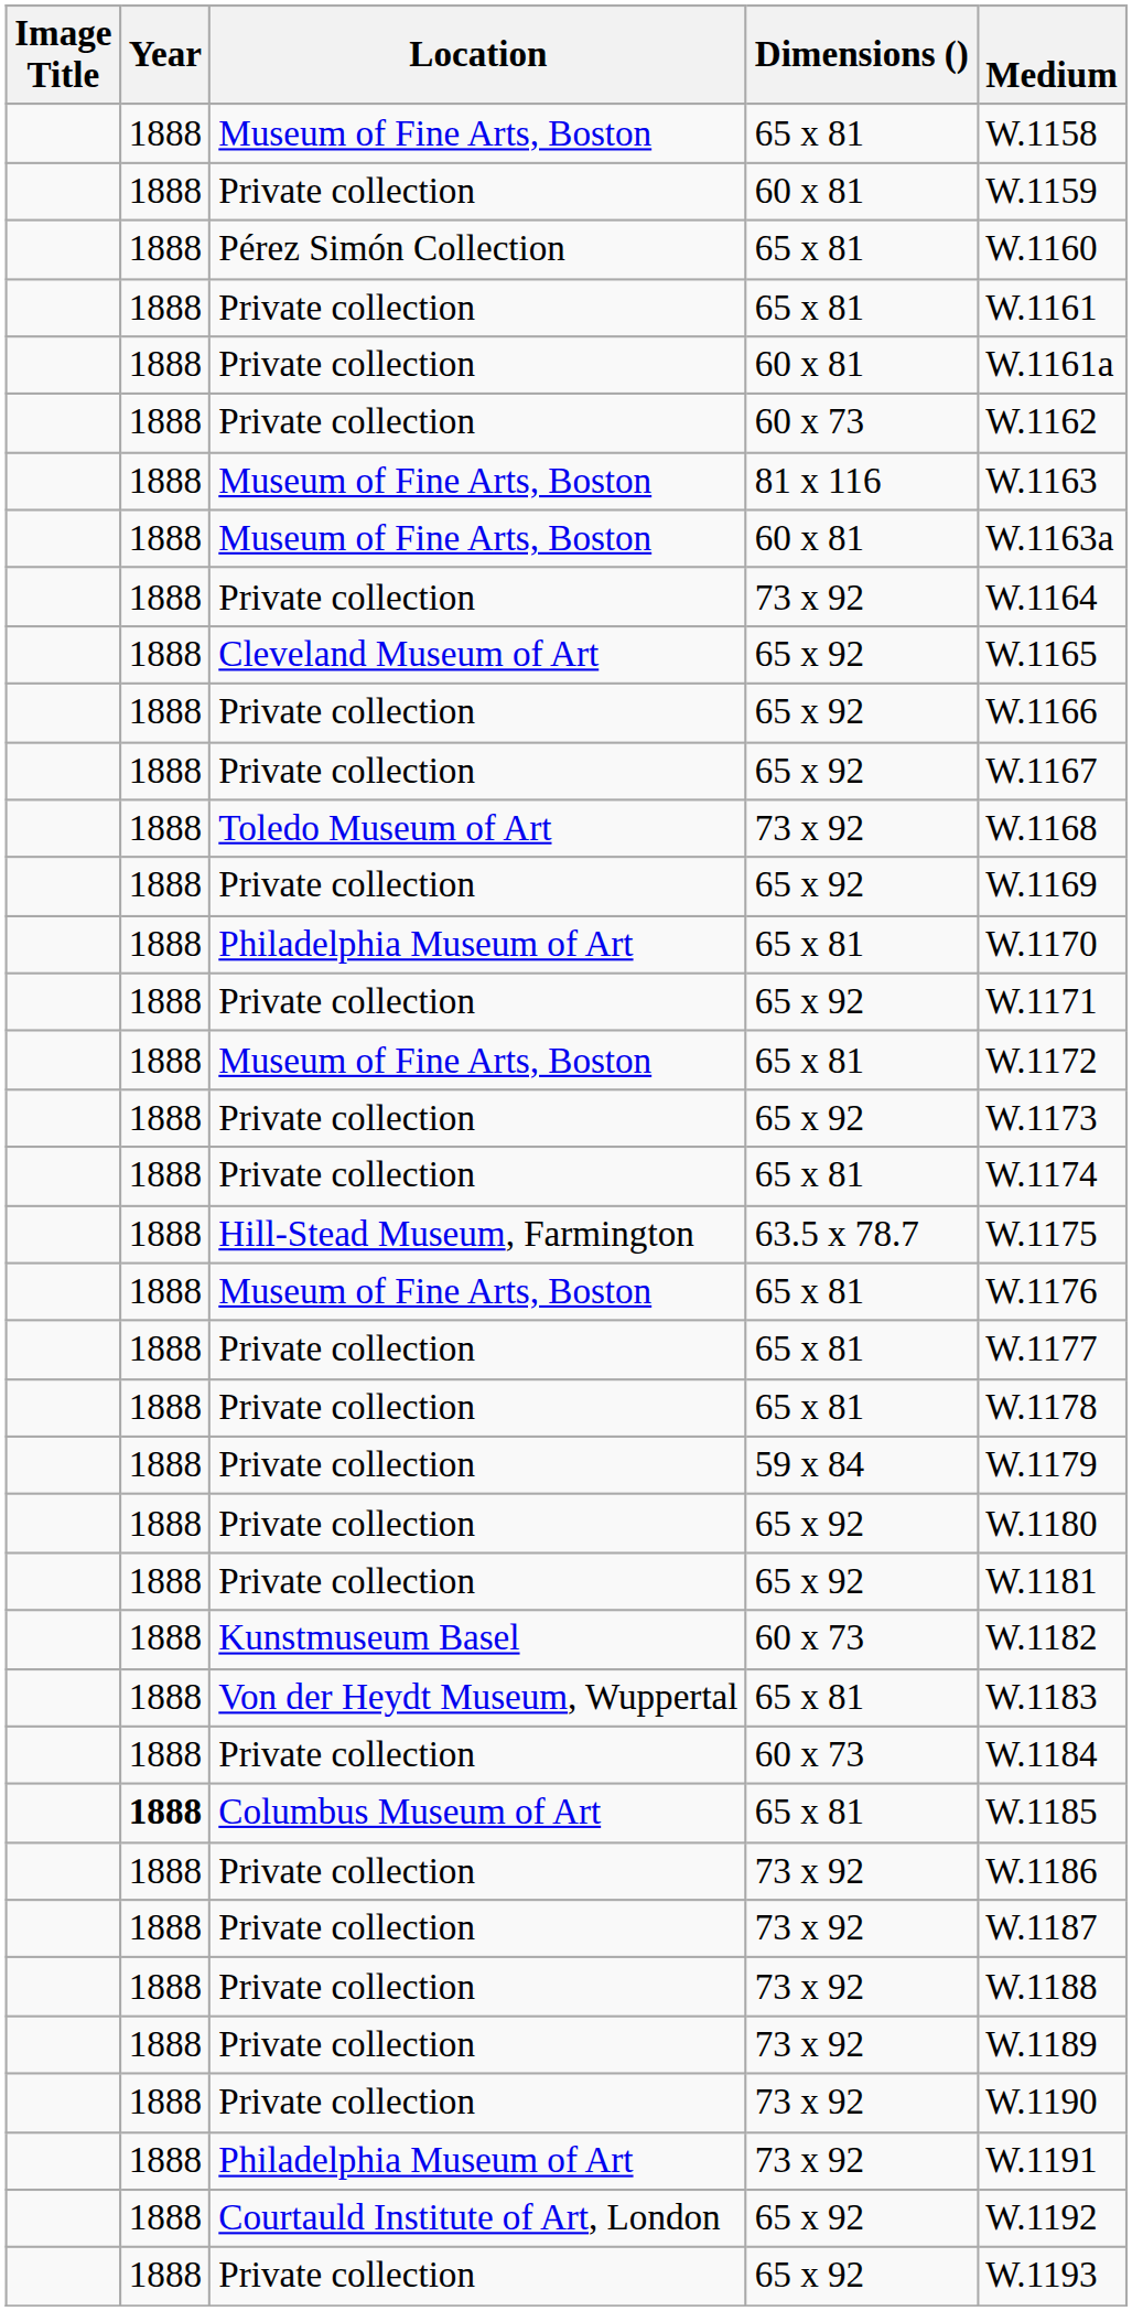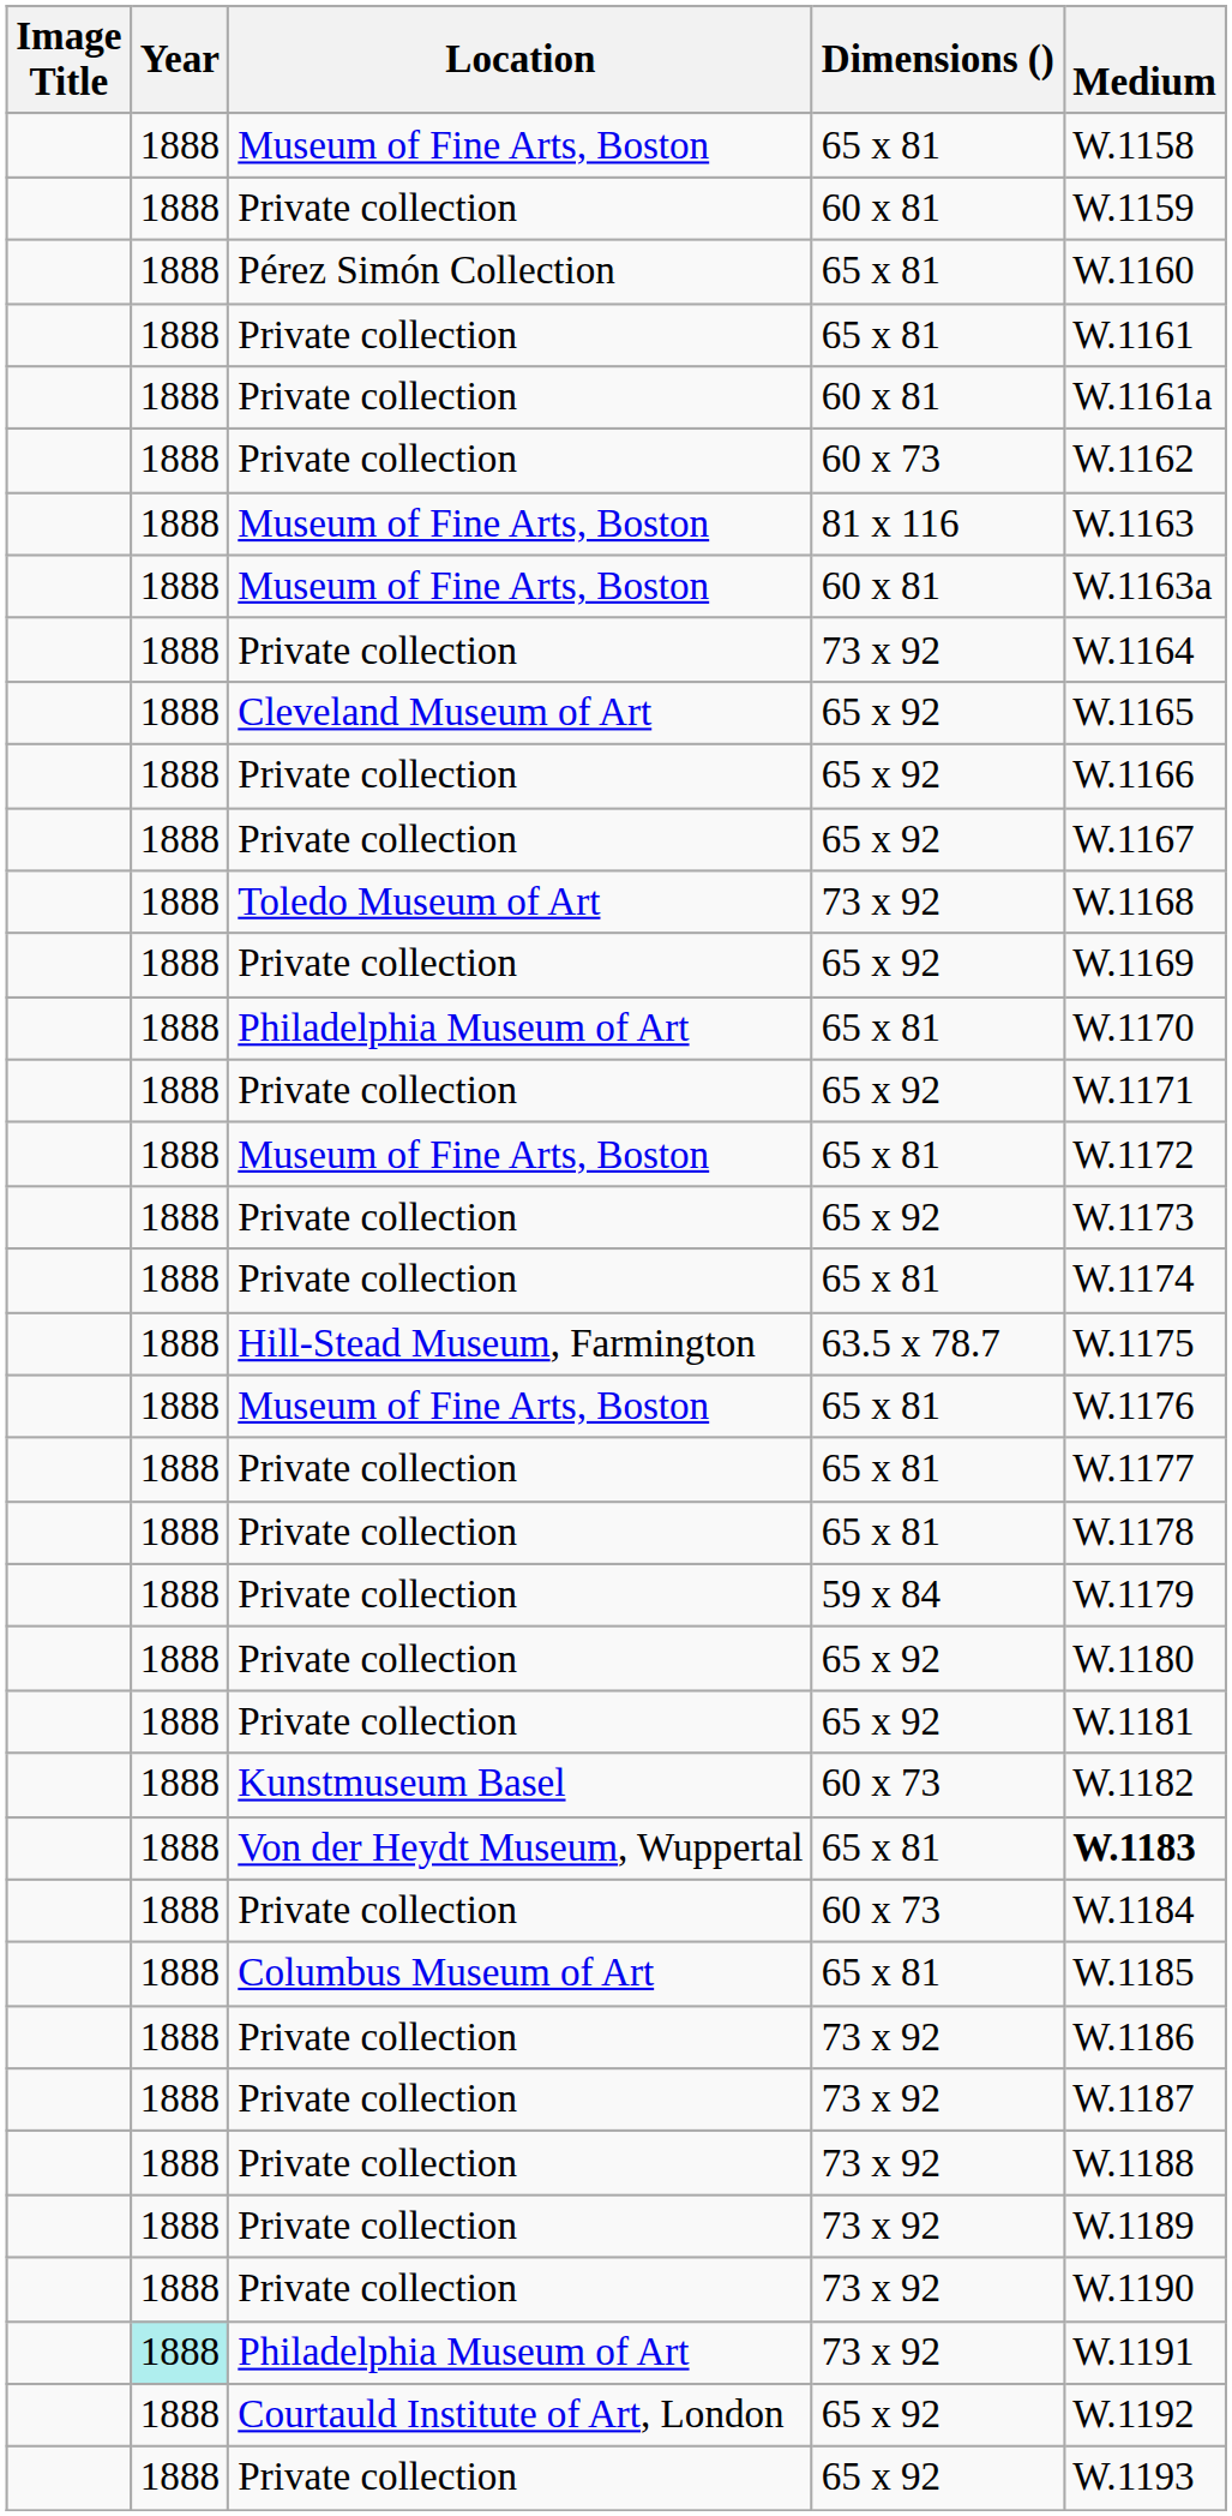 <table class="sortable wikitable" style="margin-left:0.5em; text-align:left">
 <tr>
 <th>Image<br>Title</th>
 <th>Year</th>
 <th>Location</th>
 <th>Dimensions ()</th>
 <th><br>Medium</th>
 </tr>
 <tr>
 <td></td>
 <td>1888</td>
 <td><a href='#'>Museum of Fine Arts, Boston</a></td>
 <td>65 x 81</td>
 <td>W.1158</td>
 </tr>
 <tr>
 <td></td>
 <td>1888</td>
 <td>Private collection</td>
 <td>60 x 81</td>
 <td>W.1159</td>
 </tr>
 <tr>
 <td></td>
 <td>1888</td>
 <td>Pérez Simón Collection</td>
 <td>65 x 81</td>
 <td>W.1160</td>
 </tr>
 <tr>
 <td></td>
 <td>1888</td>
 <td>Private collection</td>
 <td>65 x 81</td>
 <td>W.1161</td>
 </tr>
 <tr>
 <td></td>
 <td>1888</td>
 <td>Private collection</td>
 <td>60 x 81</td>
 <td>W.1161a</td>
 </tr>
 <tr>
 <td></td>
 <td>1888</td>
 <td>Private collection</td>
 <td>60 x 73</td>
 <td>W.1162</td>
 </tr>
 <tr>
 <td></td>
 <td>1888</td>
 <td><a href='#'>Museum of Fine Arts, Boston</a></td>
 <td>81 x 116</td>
 <td>W.1163</td>
 </tr>
 <tr>
 <td></td>
 <td>1888</td>
 <td><a href='#'>Museum of Fine Arts, Boston</a></td>
 <td>60 x 81</td>
 <td>W.1163a</td>
 </tr>
 <tr>
 <td></td>
 <td>1888</td>
 <td>Private collection</td>
 <td>73 x 92</td>
 <td>W.1164</td>
 </tr>
 <tr>
 <td></td>
 <td>1888</td>
 <td><a href='#'>Cleveland Museum of Art</a></td>
 <td>65 x 92</td>
 <td>W.1165</td>
 </tr>
 <tr>
 <td></td>
 <td>1888</td>
 <td>Private collection</td>
 <td>65 x 92</td>
 <td>W.1166</td>
 </tr>
 <tr>
 <td></td>
 <td>1888</td>
 <td>Private collection</td>
 <td>65 x 92</td>
 <td>W.1167</td>
 </tr>
 <tr>
 <td></td>
 <td>1888</td>
 <td><a href='#'>Toledo Museum of Art</a></td>
 <td>73 x 92</td>
 <td>W.1168</td>
 </tr>
 <tr>
 <td></td>
 <td>1888</td>
 <td>Private collection</td>
 <td>65 x 92</td>
 <td>W.1169</td>
 </tr>
 <tr>
 <td></td>
 <td>1888</td>
 <td><a href='#'>Philadelphia Museum of Art</a></td>
 <td>65 x 81</td>
 <td>W.1170</td>
 </tr>
 <tr>
 <td></td>
 <td>1888</td>
 <td>Private collection</td>
 <td>65 x 92</td>
 <td>W.1171</td>
 </tr>
 <tr>
 <td></td>
 <td>1888</td>
 <td><a href='#'>Museum of Fine Arts, Boston</a></td>
 <td>65 x 81</td>
 <td>W.1172</td>
 </tr>
 <tr>
 <td></td>
 <td>1888</td>
 <td>Private collection</td>
 <td>65 x 92</td>
 <td>W.1173</td>
 </tr>
 <tr>
 <td></td>
 <td>1888</td>
 <td>Private collection</td>
 <td>65 x 81</td>
 <td>W.1174</td>
 </tr>
 <tr>
 <td></td>
 <td>1888</td>
 <td><a href='#'>Hill-Stead Museum</a>, Farmington</td>
 <td>63.5 x 78.7</td>
 <td>W.1175</td>
 </tr>
 <tr>
 <td></td>
 <td>1888</td>
 <td><a href='#'>Museum of Fine Arts, Boston</a></td>
 <td>65 x 81</td>
 <td>W.1176</td>
 </tr>
 <tr>
 <td></td>
 <td>1888</td>
 <td>Private collection</td>
 <td>65 x 81</td>
 <td>W.1177</td>
 </tr>
 <tr>
 <td></td>
 <td>1888</td>
 <td>Private collection</td>
 <td>65 x 81</td>
 <td>W.1178</td>
 </tr>
 <tr>
 <td></td>
 <td>1888</td>
 <td>Private collection</td>
 <td>59 x 84</td>
 <td>W.1179</td>
 </tr>
 <tr>
 <td></td>
 <td>1888</td>
 <td>Private collection</td>
 <td>65 x 92</td>
 <td>W.1180</td>
 </tr>
 <tr>
 <td></td>
 <td>1888</td>
 <td>Private collection</td>
 <td>65 x 92</td>
 <td>W.1181</td>
 </tr>
 <tr>
 <td></td>
 <td>1888</td>
 <td><a href='#'>Kunstmuseum Basel</a></td>
 <td>60 x 73</td>
 <td>W.1182</td>
 </tr>
 <tr>
 <td></td>
 <td>1888</td>
 <td><a href='#'>Von der Heydt Museum</a>, Wuppertal</td>
 <td>65 x 81</td>
-<td>W.1183</td>
+<td><strong>W.1183</strong></td>
 </tr>
 <tr>
 <td></td>
 <td>1888</td>
 <td>Private collection</td>
 <td>60 x 73</td>
 <td>W.1184</td>
 </tr>
 <tr>
 <td></td>
-<td><strong>1888</strong></td>
+<td>1888</td>
 <td><a href='#'>Columbus Museum of Art</a></td>
 <td>65 x 81</td>
 <td>W.1185</td>
 </tr>
 <tr>
 <td></td>
 <td>1888</td>
 <td>Private collection</td>
 <td>73 x 92</td>
 <td>W.1186</td>
 </tr>
 <tr>
 <td></td>
 <td>1888</td>
 <td>Private collection</td>
 <td>73 x 92</td>
 <td>W.1187</td>
 </tr>
 <tr>
 <td></td>
 <td>1888</td>
 <td>Private collection</td>
 <td>73 x 92</td>
 <td>W.1188</td>
 </tr>
 <tr>
 <td></td>
 <td>1888</td>
 <td>Private collection</td>
 <td>73 x 92</td>
 <td>W.1189</td>
 </tr>
 <tr>
 <td></td>
 <td>1888</td>
 <td>Private collection</td>
 <td>73 x 92</td>
 <td>W.1190</td>
 </tr>
 <tr>
 <td></td>
-<td>1888</td>
+<td style="background: paleturquoise;">1888</td>
 <td><a href='#'>Philadelphia Museum of Art</a></td>
 <td>73 x 92</td>
 <td>W.1191</td>
 </tr>
 <tr>
 <td></td>
 <td>1888</td>
 <td><a href='#'>Courtauld Institute of Art</a>, London</td>
 <td>65 x 92</td>
 <td>W.1192</td>
 </tr>
 <tr>
 <td></td>
 <td>1888</td>
 <td>Private collection</td>
 <td>65 x 92</td>
 <td>W.1193</td>
 </tr>
 <tr>
 </tr>
 </table>
